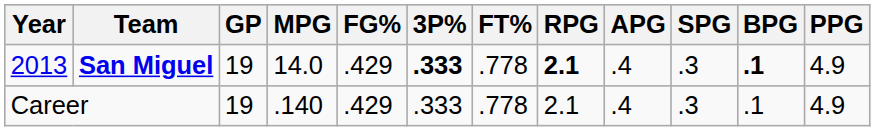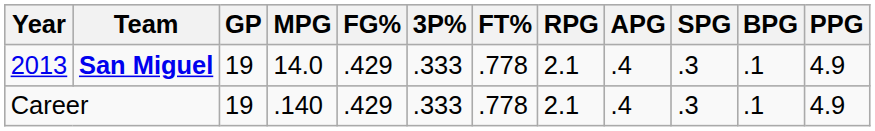 <table class="wikitable sortable">
 <tr>
 <th>Year</th>
 <th>Team</th>
 <th>GP</th>
 <th>MPG</th>
 <th>FG%</th>
 <th>3P%</th>
 <th>FT%</th>
 <th>RPG</th>
 <th>APG</th>
 <th>SPG</th>
 <th>BPG</th>
 <th>PPG</th>
 </tr>
 <tr>
 <td><a href='#'>2013</a></td>
 <td><strong><a href='#'>San Miguel</a></strong></td>
 <td>19</td>
 <td>14.0</td>
 <td>.429</td>
-<td><strong>.333</strong></td>
+<td>.333</td>
 <td>.778</td>
-<td><strong>2.1</strong></td>
+<td>2.1</td>
 <td>.4</td>
 <td>.3</td>
-<td><strong>.1</strong></td>
+<td>.1</td>
 <td>4.9</td>
 </tr>
 <tr>
 <td colspan="2">Career</td>
 <td>19</td>
 <td>.140</td>
 <td>.429</td>
 <td>.333</td>
 <td>.778</td>
 <td>2.1</td>
 <td>.4</td>
 <td>.3</td>
 <td>.1</td>
 <td>4.9</td>
 </tr>
 </table>
